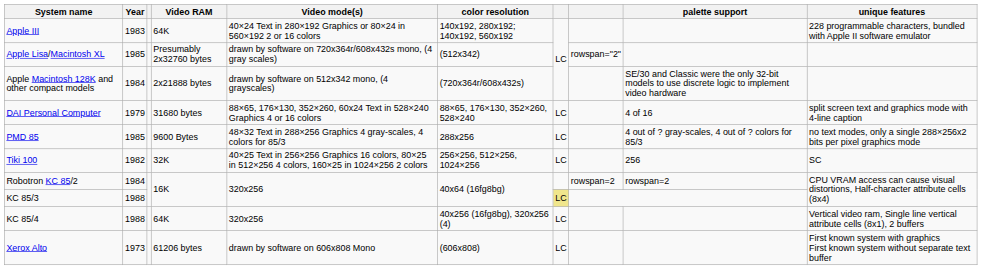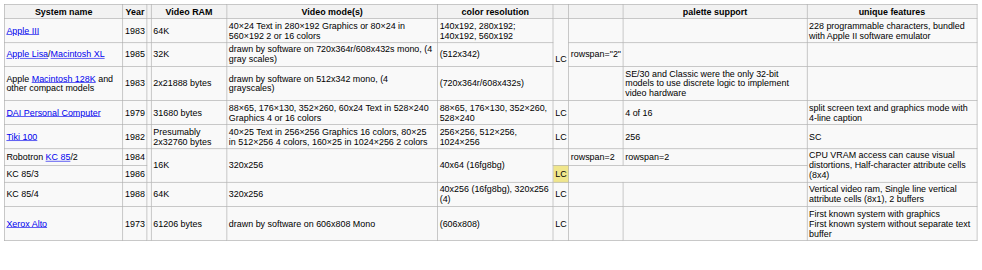 <table class="wikitable" style="font-size: 90%;">
 <tr>
 <th>System name</th>
 <th>Year</th>
 <th></th>
 <th>Video RAM</th>
 <th>Video mode(s)</th>
 <th>color resolution</th>
 <th></th>
 <th></th>
 <th>palette support</th>
 <th>unique features</th>
 </tr>
 <tr>
 <td><a href='#'>Apple III</a></td>
 <td>1983</td>
 <td></td>
 <td>64K</td>
 <td>40×24 Text in 280×192 Graphics or 80×24 in 560×192 2 or 16 colors</td>
 <td>140x192, 280x192; 140x192, 560x192</td>
 <td rowspan="3">LC</td>
 <td></td>
 <td></td>
 <td>228 programmable characters, bundled with Apple II software emulator</td>
 </tr>
 <tr>
 <td><a href='#'>Apple Lisa</a>/<a href='#'>Macintosh XL</a></td>
 <td>1985</td>
 <td></td>
-<td>Presumably 2x32760 bytes</td>
+<td>32K</td>
 <td>drawn by software on 720x364r/608x432s mono, (4 gray scales)</td>
 <td>(512x342)</td>
 <td>rowspan="2" </td>
 <td></td>
 <td></td>
 </tr>
 <tr>
 <td>Apple <a href='#'>Macintosh 128K</a> and other compact models</td>
-<td>1984</td>
+<td>1983</td>
 <td></td>
 <td>2x21888 bytes</td>
 <td>drawn by software on 512x342 mono, (4 grayscales)</td>
 <td>(720x364r/608x432s)</td>
 <td></td>
 <td>SE/30 and Classic were the only 32-bit models to use discrete logic to implement video hardware</td>
 </tr>
 <tr>
 <td><a href='#'>DAI Personal Computer</a></td>
 <td>1979</td>
 <td></td>
 <td>31680 bytes</td>
 <td>88×65, 176×130, 352×260, 60x24 Text in 528×240 Graphics 4 or 16 colors</td>
 <td>88×65, 176×130, 352×260, 528×240</td>
 <td>LC</td>
 <td></td>
 <td>4 of 16</td>
 <td>split screen text and graphics mode with 4-line caption</td>
 </tr>
 <tr>
-<td><a href='#'>PMD 85</a></td>
-<td>1985</td>
-<td></td>
-<td>9600 Bytes</td>
-<td>48×32 Text in 288×256 Graphics 4 gray-scales, 4 colors for 85/3</td>
-<td>288x256</td>
-<td>LC</td>
-<td></td>
-<td>4 out of ? gray-scales, 4 out of ? colors for 85/3</td>
-<td>no text modes, only a single 288×256x2 bits per pixel graphics mode</td>
-</tr>
-<tr>
 <td><a href='#'>Tiki 100</a></td>
 <td>1982</td>
 <td></td>
-<td>32K</td>
+<td>Presumably 2x32760 bytes</td>
 <td>40×25 Text in 256×256 Graphics 16 colors, 80×25 in 512×256 4 colors, 160×25 in 1024×256 2 colors</td>
 <td>256×256, 512×256, 1024×256</td>
 <td>LC</td>
 <td></td>
 <td>256</td>
 <td>SC</td>
 </tr>
 <tr>
 <td>Robotron <a href='#'>KC 85</a>/2</td>
 <td>1984</td>
 <td rowspan=2></td>
 <td rowspan=2>16K</td>
 <td rowspan=2>320x256</td>
 <td rowspan=2>40x64 (16fg8bg)</td>
 <td></td>
 <td>rowspan=2 </td>
 <td>rowspan=2 </td>
 <td rowspan=2>CPU VRAM access can cause visual distortions, Half-character attribute cells (8x4)</td>
 </tr>
 <tr>
 <td>KC 85/3</td>
-<td>1988</td>
+<td>1986</td>
 <td style="background: khaki;">LC</td>
 </tr>
 <tr>
 <td>KC 85/4</td>
 <td>1988</td>
 <td></td>
 <td>64K</td>
 <td>320x256</td>
 <td>40x256 (16fg8bg), 320x256 (4)</td>
 <td>LC</td>
 <td></td>
 <td></td>
 <td>Vertical video ram, Single line vertical attribute cells (8x1), 2 buffers</td>
 </tr>
 <tr>
 <td><a href='#'>Xerox Alto</a></td>
 <td>1973</td>
 <td></td>
 <td>61206 bytes</td>
 <td>drawn by software on 606x808 Mono</td>
 <td>(606x808)</td>
 <td>LC</td>
 <td></td>
 <td></td>
 <td>First known system with graphics<br>First known system without separate text buffer</td>
 </tr>
 </table>
